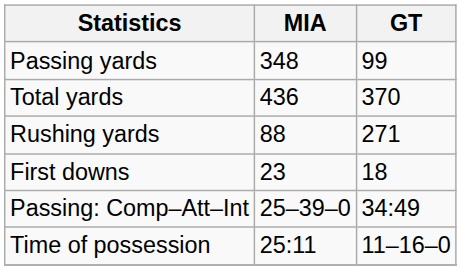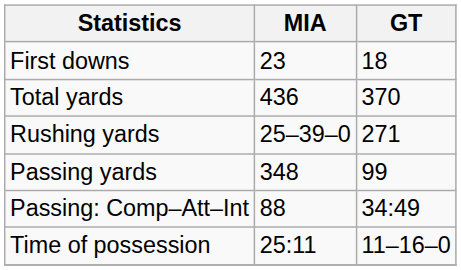 <table class="wikitable" style="float: left;">
 <tr>
 <th>Statistics</th>
 <th>MIA</th>
 <th>GT</th>
 </tr>
 <tr>
-<td>Passing yards</td>
-<td>348</td>
-<td>99</td>
+<td>First downs</td>
+<td>23</td>
+<td>18</td>
 </tr>
 <tr>
 <td>Total yards</td>
 <td>436</td>
 <td>370</td>
 </tr>
 <tr>
 <td>Rushing yards</td>
-<td>88</td>
+<td>25–39–0</td>
 <td>271</td>
 </tr>
 <tr>
-<td>First downs</td>
-<td>23</td>
-<td>18</td>
+<td>Passing yards</td>
+<td>348</td>
+<td>99</td>
 </tr>
 <tr>
 <td>Passing: Comp–Att–Int</td>
-<td>25–39–0</td>
+<td>88</td>
 <td>34:49</td>
 </tr>
 <tr>
 <td>Time of possession</td>
 <td>25:11</td>
 <td>11–16–0</td>
 </tr>
 <tr>
 </tr>
 </table>
